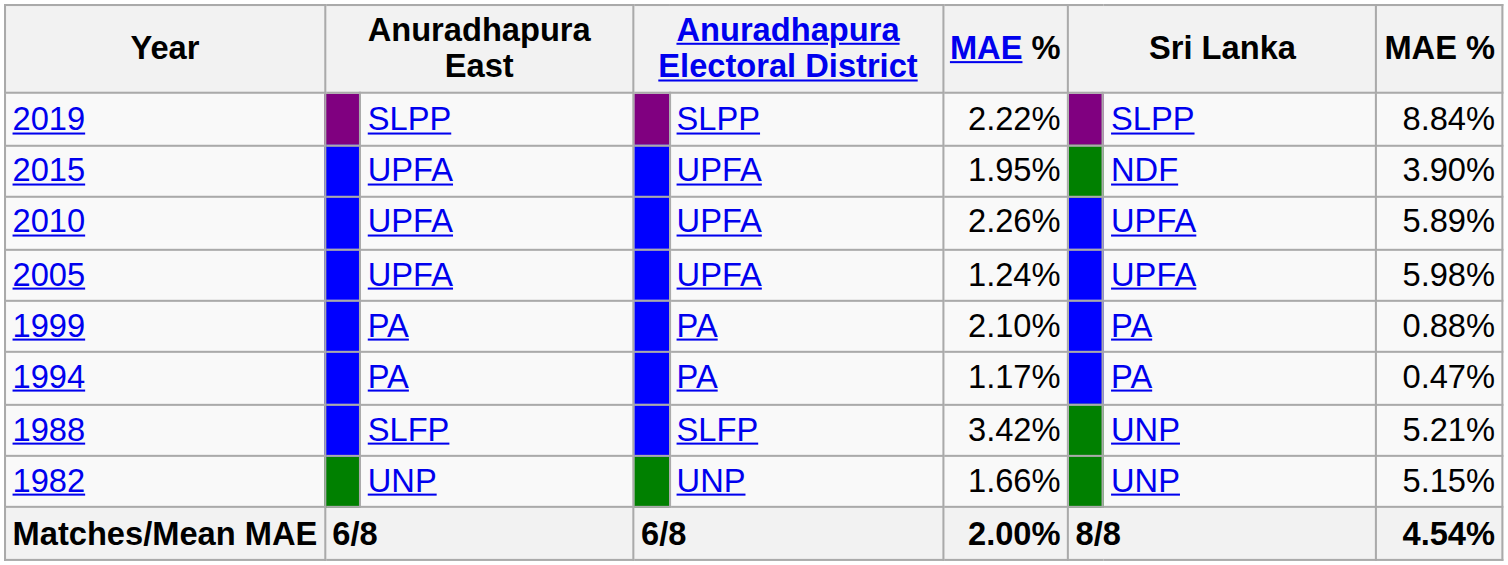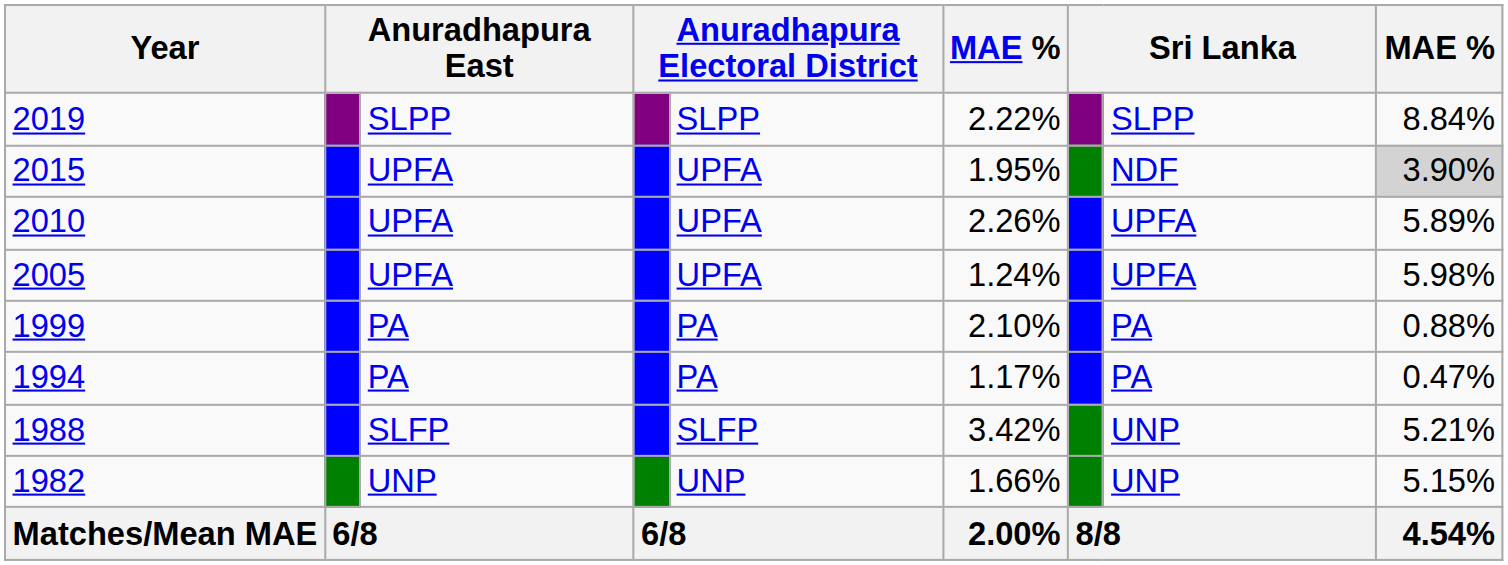 <table class="wikitable">
 <tr>
 <th>Year</th>
 <th colspan="2" width="144px">Anuradhapura East</th>
 <th colspan="2" width="144px"><a href='#'>Anuradhapura Electoral District</a></th>
 <th><a href='#'>MAE</a> %</th>
 <th colspan="2" width="144px">Sri Lanka</th>
 <th>MAE %</th>
 </tr>
 <tr>
 <td><a href='#'>2019</a></td>
 <td style="background-color:purple;" width="10px"></td>
 <td style="text-align:left;"><a href='#'>SLPP</a></td>
 <td style="background-color:purple;" width="10px"></td>
 <td style="text-align:left;"><a href='#'>SLPP</a></td>
 <td style="text-align:right;">2.22%</td>
 <td style="background-color:purple;" width="10px"></td>
 <td style="text-align:left;"><a href='#'>SLPP</a></td>
 <td style="text-align:right;">8.84%</td>
 </tr>
 <tr>
 <td><a href='#'>2015</a></td>
 <td style="background-color:blue;" width="10px"></td>
 <td style="text-align:left;"><a href='#'>UPFA</a></td>
 <td style="background-color:blue;" width="10px"></td>
 <td style="text-align:left;"><a href='#'>UPFA</a></td>
 <td style="text-align:right;">1.95%</td>
 <td style="background-color:green;" width="10px"></td>
 <td style="text-align:left;"><a href='#'>NDF</a></td>
-<td style="text-align:right;">3.90%</td>
+<td style="background: lightgrey; text-align:right;">3.90%</td>
 </tr>
 <tr>
 <td><a href='#'>2010</a></td>
 <td style="background-color:blue;" width="10px"></td>
 <td style="text-align:left;"><a href='#'>UPFA</a></td>
 <td style="background-color:blue;" width="10px"></td>
 <td style="text-align:left;"><a href='#'>UPFA</a></td>
 <td style="text-align:right;">2.26%</td>
 <td style="background-color:blue;" width="10px"></td>
 <td style="text-align:left;"><a href='#'>UPFA</a></td>
 <td style="text-align:right;">5.89%</td>
 </tr>
 <tr>
 <td><a href='#'>2005</a></td>
 <td style="background-color:blue;" width="10px"></td>
 <td style="text-align:left;"><a href='#'>UPFA</a></td>
 <td style="background-color:blue;" width="10px"></td>
 <td style="text-align:left;"><a href='#'>UPFA</a></td>
 <td style="text-align:right;">1.24%</td>
 <td style="background-color:blue;" width="10px"></td>
 <td style="text-align:left;"><a href='#'>UPFA</a></td>
 <td style="text-align:right;">5.98%</td>
 </tr>
 <tr>
 <td><a href='#'>1999</a></td>
 <td style="background-color:blue;" width="10px"></td>
 <td style="text-align:left;"><a href='#'>PA</a></td>
 <td style="background-color:blue;" width="10px"></td>
 <td style="text-align:left;"><a href='#'>PA</a></td>
 <td style="text-align:right;">2.10%</td>
 <td style="background-color:blue;" width="10px"></td>
 <td style="text-align:left;"><a href='#'>PA</a></td>
 <td style="text-align:right;">0.88%</td>
 </tr>
 <tr>
 <td><a href='#'>1994</a></td>
 <td style="background-color:blue;" width="10px"></td>
 <td style="text-align:left;"><a href='#'>PA</a></td>
 <td style="background-color:blue;" width="10px"></td>
 <td style="text-align:left;"><a href='#'>PA</a></td>
 <td style="text-align:right;">1.17%</td>
 <td style="background-color:blue;" width="10px"></td>
 <td style="text-align:left;"><a href='#'>PA</a></td>
 <td style="text-align:right;">0.47%</td>
 </tr>
 <tr>
 <td><a href='#'>1988</a></td>
 <td style="background-color:blue;" width="10px"></td>
 <td style="text-align:left;"><a href='#'>SLFP</a></td>
 <td style="background-color:blue;" width="10px"></td>
 <td style="text-align:left;"><a href='#'>SLFP</a></td>
 <td style="text-align:right;">3.42%</td>
 <td style="background-color:green;" width="10px"></td>
 <td style="text-align:left;"><a href='#'>UNP</a></td>
 <td style="text-align:right;">5.21%</td>
 </tr>
 <tr>
 <td><a href='#'>1982</a></td>
 <td style="background-color:green;" width="10px"></td>
 <td style="text-align:left;"><a href='#'>UNP</a></td>
 <td style="background-color:green;" width="10px"></td>
 <td style="text-align:left;"><a href='#'>UNP</a></td>
 <td style="text-align:right;">1.66%</td>
 <td style="background-color:green;" width="10px"></td>
 <td style="text-align:left;"><a href='#'>UNP</a></td>
 <td style="text-align:right;">5.15%</td>
 </tr>
 <tr>
 <th>Matches/Mean MAE</th>
 <th style="text-align:left;"colspan="2" width="144px">6/8</th>
 <th style="text-align:left;"colspan="2" width="144px">6/8</th>
 <th style="text-align:right;">2.00%</th>
 <th style="text-align:left;"colspan="2" width="144px">8/8</th>
 <th style="text-align:right;">4.54%</th>
 </tr>
 </table>
